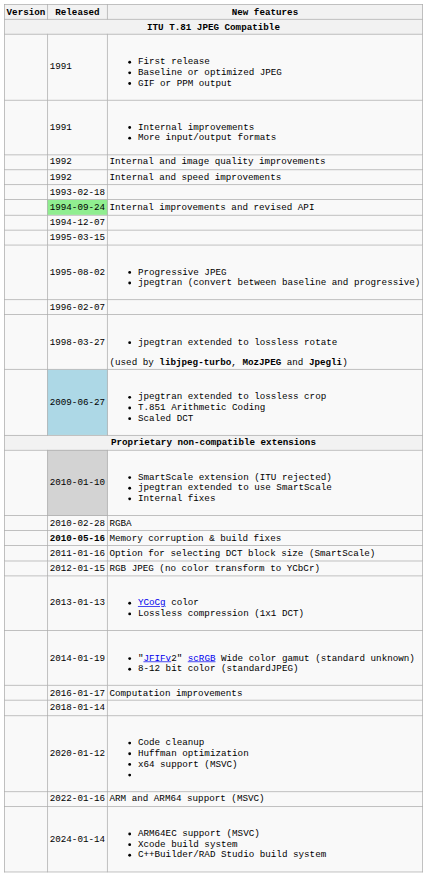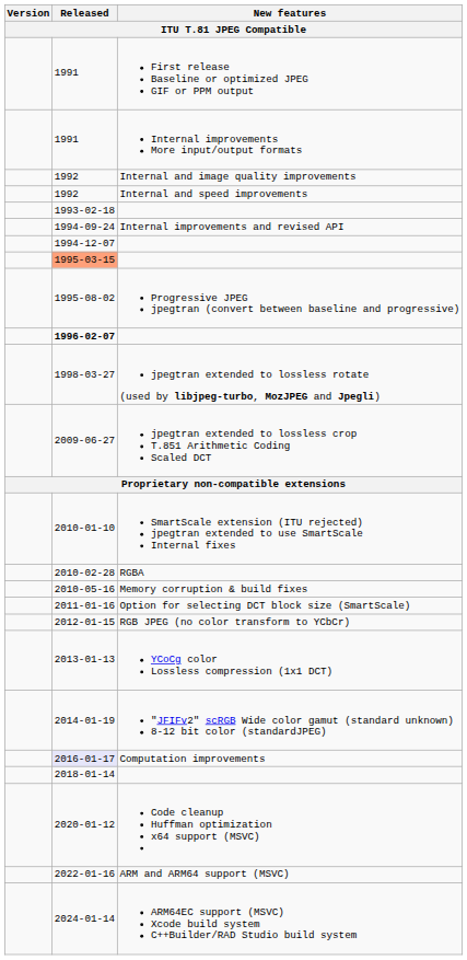 <table class="wikitable plainlist">
 <tr>
 <th>Version</th>
 <th>Released</th>
 <th>New features</th>
 </tr>
 <tr>
 <th colspan=4  style="text-align: center;">ITU T.81 JPEG Compatible</th>
 </tr>
 <tr>
 <td></td>
 <td>1991</td>
 <td><br><ul><li>First release</li><li>Baseline or optimized JPEG</li><li>GIF or PPM output</li></ul></td>
 </tr>
 <tr>
 <td></td>
 <td>1991</td>
 <td><br><ul><li>Internal improvements</li><li>More input/output formats</li></ul></td>
 </tr>
 <tr>
 <td></td>
 <td>1992</td>
 <td>Internal and image quality improvements</td>
 </tr>
 <tr>
 <td></td>
 <td>1992</td>
 <td>Internal and speed improvements</td>
 </tr>
 <tr>
 <td></td>
 <td>1993-02-18</td>
 <td></td>
 </tr>
 <tr>
 <td></td>
-<td style="background: lightgreen;">1994-09-24</td>
+<td>1994-09-24</td>
 <td>Internal improvements and revised API</td>
 </tr>
 <tr>
 <td></td>
 <td>1994-12-07</td>
 <td></td>
 </tr>
 <tr>
 <td></td>
-<td>1995-03-15</td>
+<td style="background: lightsalmon;">1995-03-15</td>
 <td></td>
 </tr>
 <tr>
 <td></td>
 <td>1995-08-02</td>
 <td><br><ul><li>Progressive JPEG</li><li>jpegtran (convert between baseline and progressive)</li></ul></td>
 </tr>
 <tr>
 <td></td>
-<td>1996-02-07</td>
+<td><strong>1996-02-07</strong></td>
 <td></td>
 </tr>
 <tr>
 <td></td>
 <td>1998-03-27</td>
 <td><br><ul><li>jpegtran extended to lossless rotate</li></ul>(used by <strong>libjpeg-turbo</strong>, <strong>MozJPEG</strong> and <strong>Jpegli</strong>)</td>
 </tr>
 <tr>
 <td></td>
-<td style="background: lightblue;">2009-06-27</td>
+<td>2009-06-27</td>
 <td><br><ul><li>jpegtran extended to lossless crop</li><li>T.851 Arithmetic Coding</li><li>Scaled DCT</li></ul></td>
 </tr>
 <tr>
 <th colspan=4  style="text-align: center;">Proprietary non-compatible extensions</th>
 </tr>
 <tr>
 <td></td>
-<td style="background: lightgrey;">2010-01-10</td>
+<td>2010-01-10</td>
 <td><br><ul><li>SmartScale extension (ITU rejected)</li><li>jpegtran extended to use SmartScale</li><li>Internal fixes</li></ul></td>
 </tr>
 <tr>
 <td></td>
 <td>2010-02-28</td>
 <td>RGBA</td>
 </tr>
 <tr>
 <td></td>
-<td><strong>2010-05-16</strong></td>
+<td>2010-05-16</td>
 <td>Memory corruption & build fixes</td>
 </tr>
 <tr>
 <td></td>
 <td>2011-01-16</td>
 <td>Option for selecting DCT block size (SmartScale)</td>
 </tr>
 <tr>
 <td></td>
 <td>2012-01-15</td>
 <td>RGB JPEG (no color transform to YCbCr)</td>
 </tr>
 <tr>
 <td></td>
 <td>2013-01-13</td>
 <td><br><ul><li><a href='#'>YCoCg</a> color</li><li>Lossless compression (1x1 DCT)</li></ul></td>
 </tr>
 <tr>
 <td></td>
 <td>2014-01-19</td>
 <td><br><ul><li>"<a href='#'>JFIFv</a>2" <a href='#'>scRGB</a> Wide color gamut (standard unknown)</li><li>8-12 bit color (standardJPEG)</li></ul></td>
 </tr>
 <tr>
 <td></td>
-<td>2016-01-17</td>
+<td style="background: lavender;">2016-01-17</td>
 <td>Computation improvements</td>
 </tr>
 <tr>
 <td></td>
 <td>2018-01-14</td>
 <td></td>
 </tr>
 <tr>
 <td></td>
 <td>2020-01-12</td>
 <td><br><ul><li>Code cleanup</li><li>Huffman optimization</li><li>x64 support (MSVC)</li><li></li></ul></td>
 </tr>
 <tr>
 <td></td>
 <td>2022-01-16</td>
 <td>ARM and ARM64 support (MSVC)</td>
 </tr>
 <tr>
 <td></td>
 <td>2024-01-14</td>
 <td><br><ul><li>ARM64EC support (MSVC)</li><li>Xcode build system</li><li>C++Builder/RAD Studio build system</li></ul></td>
 </tr>
 </table>
